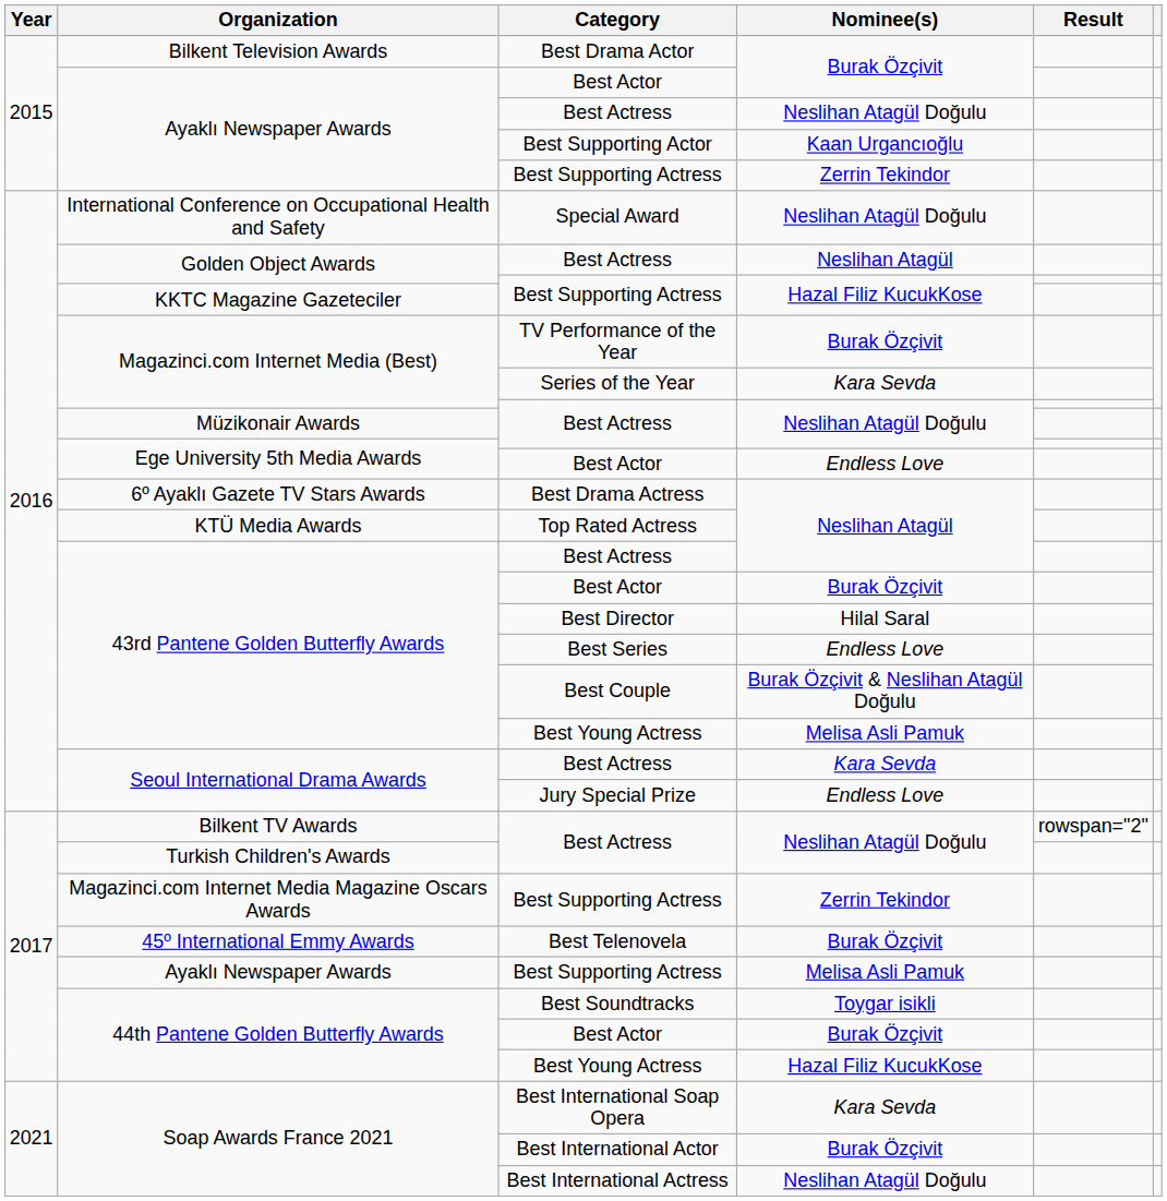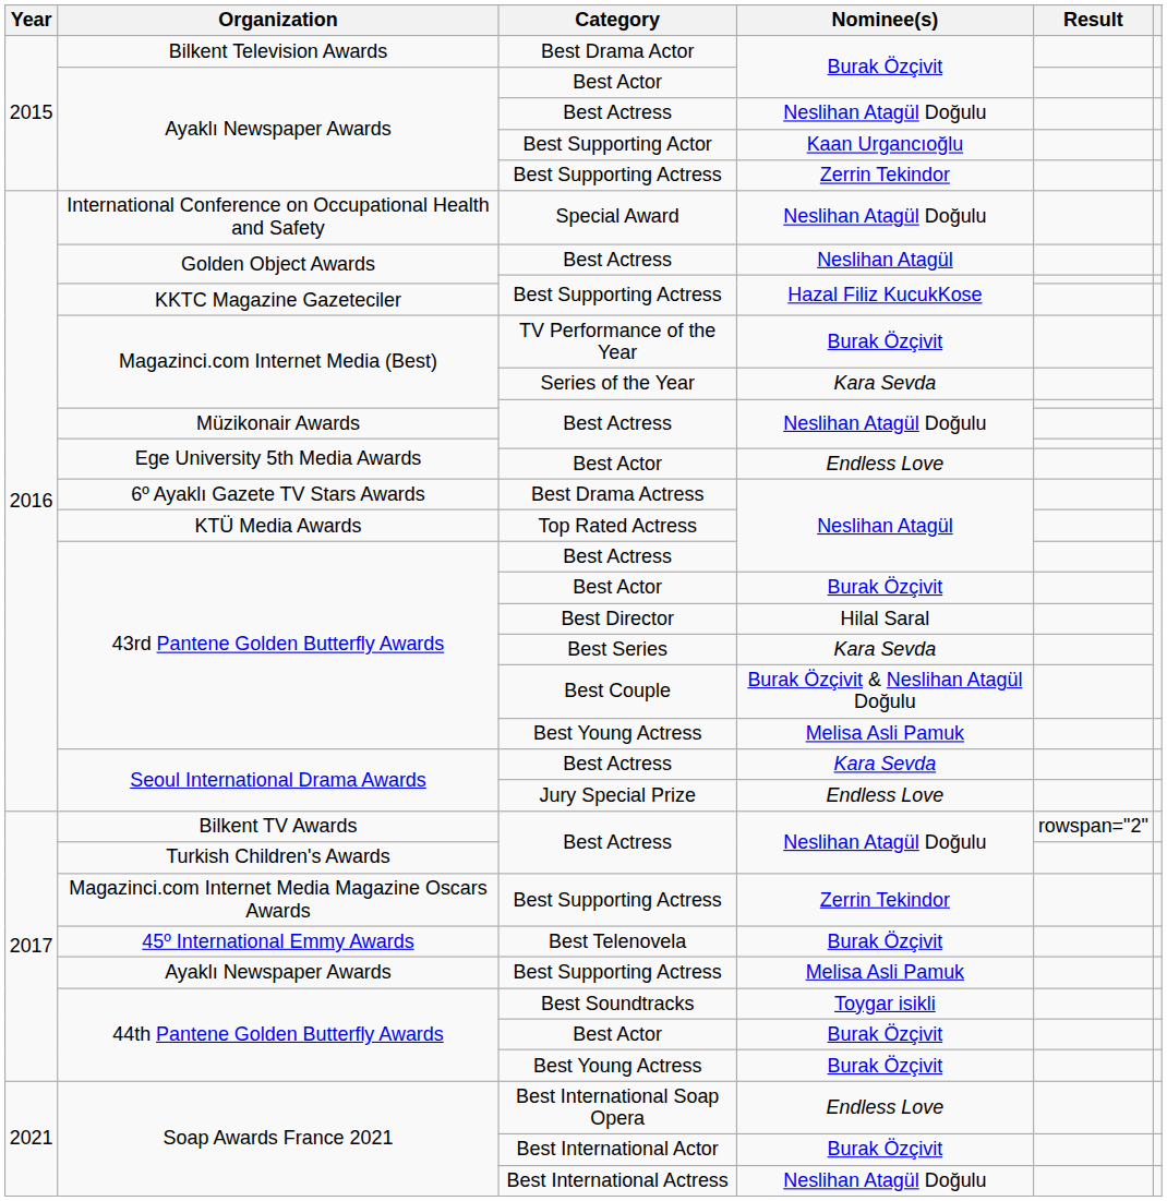 <table class="wikitable" width="75%"; style="text-align:center;">
 <tr>
 <th>Year</th>
 <th>Organization</th>
 <th>Category</th>
 <th>Nominee(s)</th>
 <th>Result</th>
 <th></th>
 </tr>
 <tr>
 <td rowspan="5">2015</td>
 <td>Bilkent Television Awards</td>
 <td>Best Drama Actor</td>
 <td rowspan="2"><a href='#'>Burak Özçivit</a></td>
 <td></td>
 <td></td>
 </tr>
 <tr>
 <td rowspan="4">Ayaklı Newspaper Awards</td>
 <td>Best Actor</td>
 <td></td>
 <td></td>
 </tr>
 <tr>
 <td>Best Actress</td>
 <td><a href='#'>Neslihan Atagül</a> Doğulu</td>
 <td></td>
 <td></td>
 </tr>
 <tr>
 <td>Best Supporting Actor</td>
 <td><a href='#'>Kaan Urgancıoğlu</a></td>
 <td></td>
 <td></td>
 </tr>
 <tr>
 <td>Best Supporting Actress</td>
 <td><a href='#'>Zerrin Tekindor</a></td>
 <td></td>
 <td></td>
 </tr>
 <tr>
 <td rowspan="20">2016</td>
 <td>International Conference on Occupational Health and Safety</td>
 <td>Special Award</td>
 <td><a href='#'>Neslihan Atagül</a> Doğulu</td>
 <td></td>
 <td></td>
 </tr>
 <tr>
 <td rowspan="2">Golden Object Awards</td>
 <td>Best Actress</td>
 <td><a href='#'>Neslihan Atagül</a></td>
 <td></td>
 <td></td>
 </tr>
 <tr>
 <td rowspan="2">Best Supporting Actress</td>
 <td rowspan="2"><a href='#'>Hazal Filiz KucukKose</a></td>
 <td></td>
 <td></td>
 </tr>
 <tr>
 <td>KKTC Magazine Gazeteciler</td>
 <td></td>
 <td></td>
 </tr>
 <tr>
 <td rowspan="3">Magazinci.com Internet Media (Best)</td>
 <td>TV Performance of the Year</td>
 <td><a href='#'>Burak Özçivit</a></td>
 <td></td>
 <td rowspan="3"></td>
 </tr>
 <tr>
 <td>Series of the Year</td>
 <td><em>Kara Sevda</em></td>
 <td></td>
 </tr>
 <tr>
 <td rowspan="3">Best Actress</td>
 <td rowspan="3"><a href='#'>Neslihan Atagül</a> Doğulu</td>
 <td></td>
 </tr>
 <tr>
 <td>Müzikonair Awards</td>
 <td></td>
 <td></td>
 </tr>
 <tr>
 <td rowspan="2">Ege University 5th Media Awards</td>
 <td></td>
 <td></td>
 </tr>
 <tr>
 <td>Best Actor</td>
 <td><em>Endless Love</em></td>
 <td></td>
 <td></td>
 </tr>
 <tr>
 <td>6º Ayaklı Gazete TV Stars Awards</td>
 <td>Best Drama Actress</td>
 <td rowspan="3"><a href='#'>Neslihan Atagül</a></td>
 <td></td>
 <td></td>
 </tr>
 <tr>
 <td>KTÜ Media Awards</td>
 <td>Top Rated Actress</td>
 <td></td>
 <td></td>
 </tr>
 <tr>
 <td rowspan="6">43rd <a href='#'>Pantene Golden Butterfly Awards</a></td>
 <td>Best Actress</td>
 <td></td>
 <td rowspan="5"></td>
 </tr>
 <tr>
 <td>Best Actor</td>
 <td><a href='#'>Burak Özçivit</a></td>
 <td></td>
 </tr>
 <tr>
 <td>Best Director</td>
 <td>Hilal Saral</td>
 <td></td>
 </tr>
 <tr>
 <td>Best Series</td>
-<td><em>Endless Love</em></td>
+<td><em>Kara Sevda</em></td>
 <td></td>
 </tr>
 <tr>
 <td>Best Couple</td>
 <td><a href='#'>Burak Özçivit</a> & <a href='#'>Neslihan Atagül</a> Doğulu</td>
 <td></td>
 </tr>
 <tr>
 <td>Best Young Actress</td>
 <td><a href='#'>Melisa Asli Pamuk</a></td>
 <td></td>
 <td></td>
 </tr>
 <tr>
 <td rowspan="2"><a href='#'>Seoul International Drama Awards</a></td>
 <td>Best Actress</td>
 <td><em><a href='#'>Kara Sevda</a></em></td>
 <td></td>
 <td></td>
 </tr>
 <tr>
 <td>Jury Special Prize</td>
 <td><em>Endless Love</em></td>
 <td></td>
 <td></td>
 </tr>
 <tr>
 <td rowspan="8">2017</td>
 <td>Bilkent TV Awards</td>
 <td rowspan="2">Best Actress</td>
 <td rowspan="2"><a href='#'>Neslihan Atagül</a> Doğulu</td>
 <td>rowspan="2" </td>
 <td></td>
 </tr>
 <tr>
 <td>Turkish Children's Awards</td>
 <td></td>
 </tr>
 <tr>
 <td>Magazinci.com Internet Media Magazine Oscars Awards</td>
 <td>Best Supporting Actress</td>
 <td><a href='#'>Zerrin Tekindor</a></td>
 <td></td>
 <td></td>
 </tr>
 <tr>
 <td><a href='#'>45º International Emmy Awards</a></td>
 <td>Best Telenovela</td>
 <td><a href='#'>Burak Özçivit</a></td>
 <td></td>
 <td></td>
 </tr>
 <tr>
 <td>Ayaklı Newspaper Awards</td>
 <td>Best Supporting Actress</td>
 <td><a href='#'>Melisa Asli Pamuk</a></td>
 <td></td>
 <td></td>
 </tr>
 <tr>
 <td rowspan="3">44th <a href='#'>Pantene Golden Butterfly Awards</a></td>
 <td>Best Soundtracks</td>
 <td><a href='#'>Toygar isikli</a></td>
 <td></td>
 <td></td>
 </tr>
 <tr>
 <td>Best Actor</td>
 <td><a href='#'>Burak Özçivit</a></td>
 <td></td>
 <td></td>
 </tr>
 <tr>
 <td>Best Young Actress</td>
-<td><a href='#'>Hazal Filiz KucukKose</a></td>
+<td><a href='#'>Burak Özçivit</a></td>
 <td></td>
 <td></td>
 </tr>
 <tr>
 <td rowspan="3">2021</td>
 <td rowspan="3">Soap Awards France 2021</td>
 <td>Best International Soap Opera</td>
-<td><em>Kara Sevda</em></td>
+<td><em>Endless Love</em></td>
 <td></td>
 <td></td>
 </tr>
 <tr>
 <td>Best International Actor</td>
 <td><a href='#'>Burak Özçivit</a></td>
 <td></td>
 <td></td>
 </tr>
 <tr>
 <td>Best International Actress</td>
 <td><a href='#'>Neslihan Atagül</a> Doğulu</td>
 <td></td>
 <td></td>
 </tr>
 </table>
